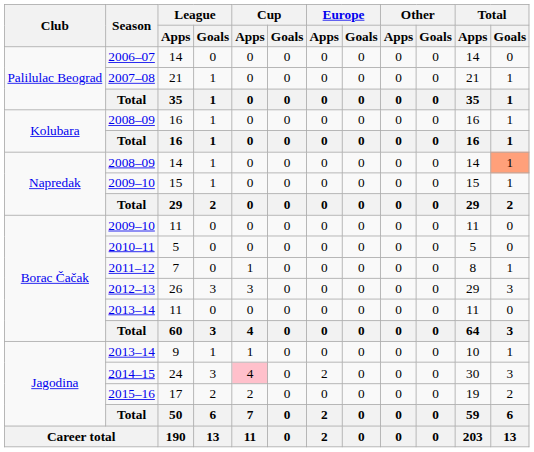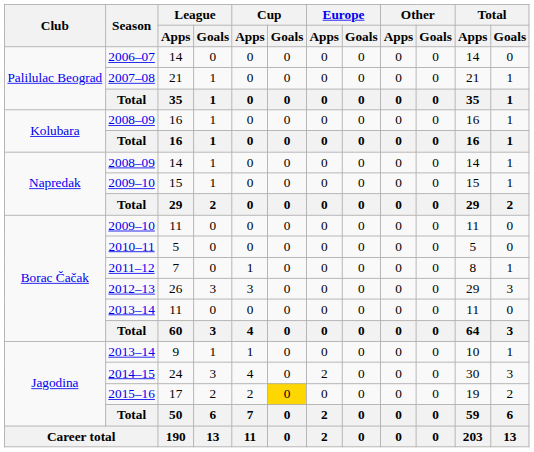 <table class="wikitable" style="text-align:center">
 <tr>
 <th rowspan="2">Club</th>
 <th rowspan="2">Season</th>
 <th colspan="2">League</th>
 <th colspan="2">Cup</th>
 <th colspan="2"><a href='#'>Europe</a></th>
 <th colspan="2">Other</th>
 <th colspan="2">Total</th>
 </tr>
 <tr>
 <th>Apps</th>
 <th>Goals</th>
 <th>Apps</th>
 <th>Goals</th>
 <th>Apps</th>
 <th>Goals</th>
 <th>Apps</th>
 <th>Goals</th>
 <th>Apps</th>
 <th>Goals</th>
 </tr>
 <tr>
 <td rowspan="3"><a href='#'>Palilulac Beograd</a></td>
 <td><a href='#'>2006–07</a></td>
 <td>14</td>
 <td>0</td>
 <td>0</td>
 <td>0</td>
 <td>0</td>
 <td>0</td>
 <td>0</td>
 <td>0</td>
 <td>14</td>
 <td>0</td>
 </tr>
 <tr>
 <td><a href='#'>2007–08</a></td>
 <td>21</td>
 <td>1</td>
 <td>0</td>
 <td>0</td>
 <td>0</td>
 <td>0</td>
 <td>0</td>
 <td>0</td>
 <td>21</td>
 <td>1</td>
 </tr>
 <tr>
 <th>Total</th>
 <th>35</th>
 <th>1</th>
 <th>0</th>
 <th>0</th>
 <th>0</th>
 <th>0</th>
 <th>0</th>
 <th>0</th>
 <th>35</th>
 <th>1</th>
 </tr>
 <tr>
 <td rowspan="2"><a href='#'>Kolubara</a></td>
 <td><a href='#'>2008–09</a></td>
 <td>16</td>
 <td>1</td>
 <td>0</td>
 <td>0</td>
 <td>0</td>
 <td>0</td>
 <td>0</td>
 <td>0</td>
 <td>16</td>
 <td>1</td>
 </tr>
 <tr>
 <th>Total</th>
 <th>16</th>
 <th>1</th>
 <th>0</th>
 <th>0</th>
 <th>0</th>
 <th>0</th>
 <th>0</th>
 <th>0</th>
 <th>16</th>
 <th>1</th>
 </tr>
 <tr>
 <td rowspan="3"><a href='#'>Napredak</a></td>
 <td><a href='#'>2008–09</a></td>
 <td>14</td>
 <td>1</td>
 <td>0</td>
 <td>0</td>
 <td>0</td>
 <td>0</td>
 <td>0</td>
 <td>0</td>
 <td>14</td>
-<td style="background: lightsalmon;">1</td>
+<td>1</td>
 </tr>
 <tr>
 <td><a href='#'>2009–10</a></td>
 <td>15</td>
 <td>1</td>
 <td>0</td>
 <td>0</td>
 <td>0</td>
 <td>0</td>
 <td>0</td>
 <td>0</td>
 <td>15</td>
 <td>1</td>
 </tr>
 <tr>
 <th>Total</th>
 <th>29</th>
 <th>2</th>
 <th>0</th>
 <th>0</th>
 <th>0</th>
 <th>0</th>
 <th>0</th>
 <th>0</th>
 <th>29</th>
 <th>2</th>
 </tr>
 <tr>
 <td rowspan="6"><a href='#'>Borac Čačak</a></td>
 <td><a href='#'>2009–10</a></td>
 <td>11</td>
 <td>0</td>
 <td>0</td>
 <td>0</td>
 <td>0</td>
 <td>0</td>
 <td>0</td>
 <td>0</td>
 <td>11</td>
 <td>0</td>
 </tr>
 <tr>
 <td><a href='#'>2010–11</a></td>
 <td>5</td>
 <td>0</td>
 <td>0</td>
 <td>0</td>
 <td>0</td>
 <td>0</td>
 <td>0</td>
 <td>0</td>
 <td>5</td>
 <td>0</td>
 </tr>
 <tr>
 <td><a href='#'>2011–12</a></td>
 <td>7</td>
 <td>0</td>
 <td>1</td>
 <td>0</td>
 <td>0</td>
 <td>0</td>
 <td>0</td>
 <td>0</td>
 <td>8</td>
 <td>1</td>
 </tr>
 <tr>
 <td><a href='#'>2012–13</a></td>
 <td>26</td>
 <td>3</td>
 <td>3</td>
 <td>0</td>
 <td>0</td>
 <td>0</td>
 <td>0</td>
 <td>0</td>
 <td>29</td>
 <td>3</td>
 </tr>
 <tr>
 <td><a href='#'>2013–14</a></td>
 <td>11</td>
 <td>0</td>
 <td>0</td>
 <td>0</td>
 <td>0</td>
 <td>0</td>
 <td>0</td>
 <td>0</td>
 <td>11</td>
 <td>0</td>
 </tr>
 <tr>
 <th>Total</th>
 <th>60</th>
 <th>3</th>
 <th>4</th>
 <th>0</th>
 <th>0</th>
 <th>0</th>
 <th>0</th>
 <th>0</th>
 <th>64</th>
 <th>3</th>
 </tr>
 <tr>
 <td rowspan="4"><a href='#'>Jagodina</a></td>
 <td><a href='#'>2013–14</a></td>
 <td>9</td>
 <td>1</td>
 <td>1</td>
 <td>0</td>
 <td>0</td>
 <td>0</td>
 <td>0</td>
 <td>0</td>
 <td>10</td>
 <td>1</td>
 </tr>
 <tr>
 <td><a href='#'>2014–15</a></td>
 <td>24</td>
 <td>3</td>
-<td style="background: pink;">4</td>
+<td>4</td>
 <td>0</td>
 <td>2</td>
 <td>0</td>
 <td>0</td>
 <td>0</td>
 <td>30</td>
 <td>3</td>
 </tr>
 <tr>
 <td><a href='#'>2015–16</a></td>
 <td>17</td>
 <td>2</td>
 <td>2</td>
-<td>0</td>
+<td style="background: gold;">0</td>
 <td>0</td>
 <td>0</td>
 <td>0</td>
 <td>0</td>
 <td>19</td>
 <td>2</td>
 </tr>
 <tr>
 <th>Total</th>
 <th>50</th>
 <th>6</th>
 <th>7</th>
 <th>0</th>
 <th>2</th>
 <th>0</th>
 <th>0</th>
 <th>0</th>
 <th>59</th>
 <th>6</th>
 </tr>
 <tr>
 <th colspan="2">Career total</th>
 <th>190</th>
 <th>13</th>
 <th>11</th>
 <th>0</th>
 <th>2</th>
 <th>0</th>
 <th>0</th>
 <th>0</th>
 <th>203</th>
 <th>13</th>
 </tr>
 </table>
